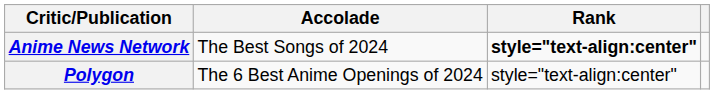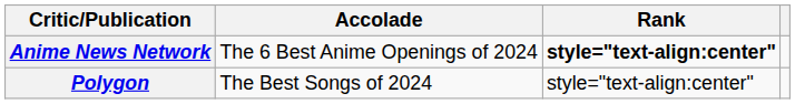 <table class="wikitable plainrowheaders">
 <tr>
 <th scope="col">Critic/Publication</th>
 <th scope="col">Accolade</th>
 <th scope="col">Rank</th>
 <th scope="col" class="unsortable"></th>
 </tr>
 <tr>
 <th scope="row"><em><a href='#'>Anime News Network</a></em></th>
-<td>The Best Songs of 2024</td>
+<td>The 6 Best Anime Openings of 2024</td>
 <td><strong>style="text-align:center" </strong></td>
 <td style="text-align:center"></td>
 </tr>
 <tr>
 <th scope="row"><em><a href='#'>Polygon</a></em></th>
-<td>The 6 Best Anime Openings of 2024</td>
+<td>The Best Songs of 2024</td>
 <td>style="text-align:center" </td>
 <td style="text-align:center"></td>
 </tr>
 </table>
